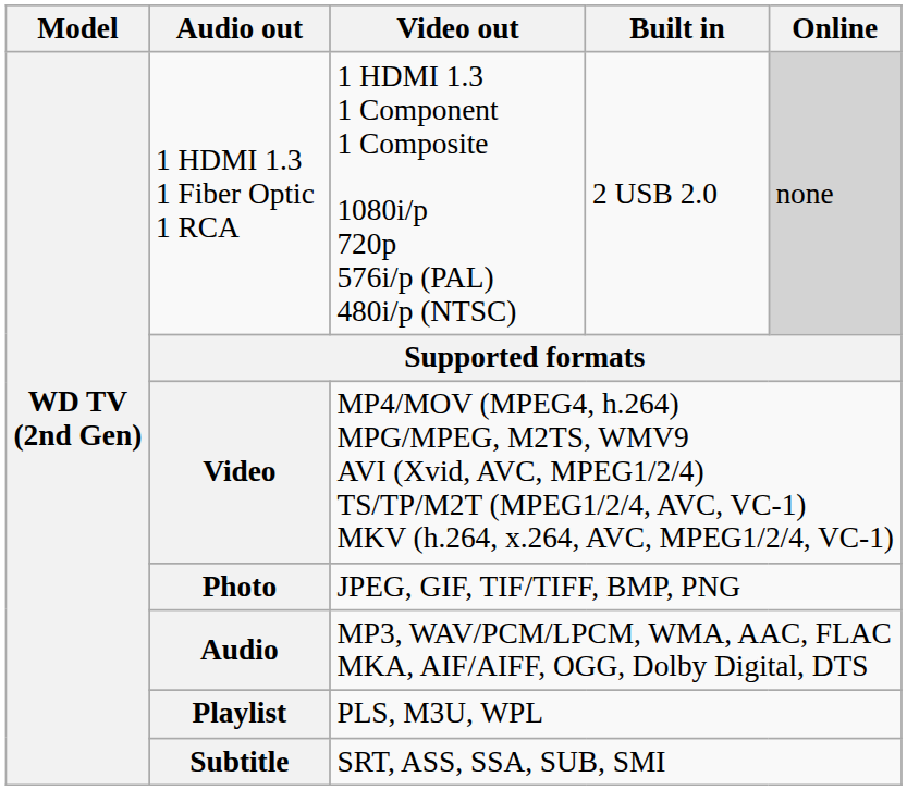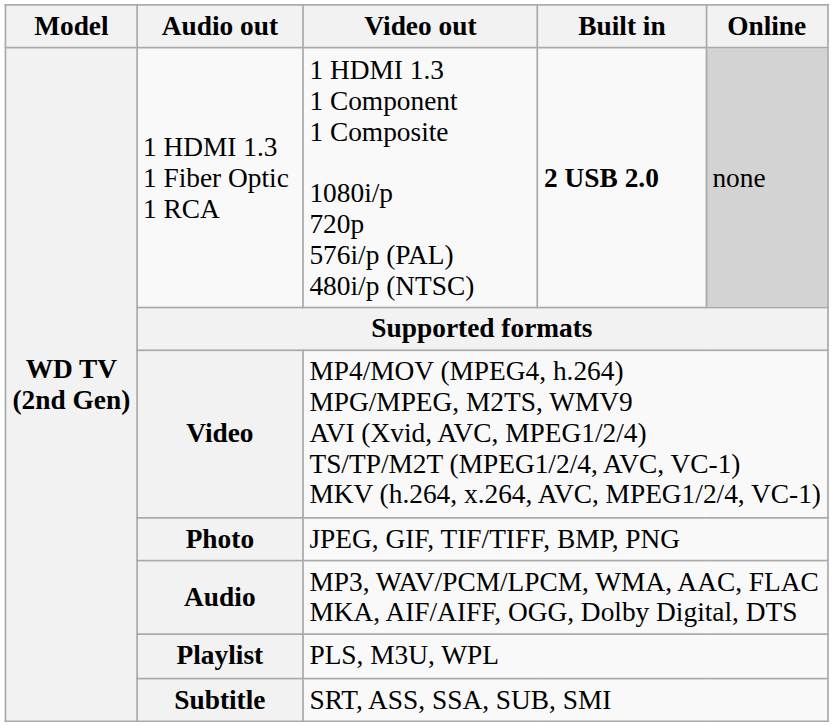 <table class="wikitable" style="margin:1em auto;">
 <tr t>
 <th>Model</th>
 <th width=90>Audio out</th>
 <th>Video out</th>
 <th>Built in</th>
 <th>Online</th>
 </tr>
 <tr>
 <th rowspan="7"><strong>WD TV<br>(2nd Gen)</strong></th>
 <td>1 HDMI 1.3<br>1 Fiber Optic<br>1 RCA</td>
 <td>1 HDMI 1.3<br>1 Component<br>1 Composite<br><br>1080i/p<br>720p<br>576i/p (PAL)<br>480i/p (NTSC)</td>
-<td>2 USB 2.0</td>
+<td><strong>2 USB 2.0</strong></td>
 <td style="background: lightgrey;">none</td>
 </tr>
 <tr>
 <th colspan="4">Supported formats</th>
 </tr>
 <tr>
 <th>Video</th>
 <td colspan="3">MP4/MOV (MPEG4, h.264)<br>MPG/MPEG, M2TS, WMV9<br>AVI (Xvid, AVC, MPEG1/2/4)<br>TS/TP/M2T (MPEG1/2/4, AVC, VC-1)<br>MKV (h.264, x.264, AVC, MPEG1/2/4, VC-1)</td>
 </tr>
 <tr>
 <th>Photo</th>
 <td colspan="3">JPEG, GIF, TIF/TIFF, BMP, PNG</td>
 </tr>
 <tr>
 <th>Audio</th>
 <td colspan="3">MP3, WAV/PCM/LPCM, WMA, AAC, FLAC<br>MKA, AIF/AIFF, OGG, Dolby Digital, DTS</td>
 </tr>
 <tr>
 <th>Playlist</th>
 <td colspan="3">PLS, M3U, WPL</td>
 </tr>
 <tr>
 <th>Subtitle</th>
 <td colspan="3">SRT, ASS, SSA, SUB, SMI</td>
 </tr>
 </table>
